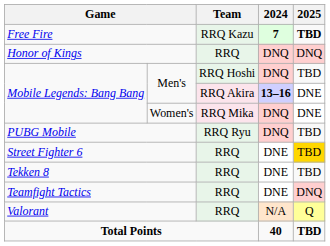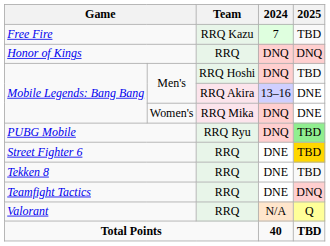 <table class="wikitable sortable" style="text-align:center; font-size:90%; width:auto;">
 <tr>
 <th colspan="2">Game</th>
 <th>Team</th>
 <th>2024</th>
 <th>2025</th>
 </tr>
 <tr>
 <td align="left" colspan="2"><em><a href='#'>Free Fire</a></em></td>
 <td style="background:#e8f5e9">RRQ Kazu</td>
-<td style="background:#DFFFDF"><strong>7</strong></td>
-<td><strong>TBD</strong></td>
+<td style="background:#DFFFDF">7</td>
+<td>TBD</td>
 </tr>
 <tr>
 <td align="left" colspan="2"><em><a href='#'>Honor of Kings</a></em></td>
 <td style="background:#e8f5e9">RRQ</td>
 <td style="background:#FFCFCF">DNQ</td>
 <td style="background:#FFCFCF">DNQ</td>
 </tr>
 <tr>
 <td align="left" rowspan="3"><em><a href='#'>Mobile Legends: Bang Bang</a></em></td>
 <td rowspan="2">Men's</td>
 <td style="background:#e8f5e9">RRQ Hoshi</td>
 <td style="background:#FFCFCF">DNQ</td>
 <td>TBD</td>
 </tr>
 <tr>
 <td style="background:#fce4ec">RRQ Akira</td>
-<td style="background:#CFCFFF"><strong>13–16</strong></td>
+<td style="background:#CFCFFF">13–16</td>
 <td style="background:#FFFFFF">DNE</td>
 </tr>
 <tr>
 <td>Women's</td>
 <td style="background:#fce4ec">RRQ Mika</td>
 <td style="background:#FFCFCF">DNQ</td>
 <td style="background:#FFFFFF">DNE</td>
 </tr>
 <tr>
 <td align="left" colspan="2"><em><a href='#'>PUBG Mobile</a></em></td>
 <td style="background:#e8f5e9">RRQ Ryu</td>
 <td style="background:#FFCFCF">DNQ</td>
-<td>TBD</td>
+<td style="background: lightgreen;">TBD</td>
 </tr>
 <tr>
 <td align="left" colspan="2"><em><a href='#'>Street Fighter 6</a></em></td>
 <td style="background:#e8f5e9">RRQ</td>
 <td style="background:#FFFFFF">DNE</td>
 <td style="background: gold;">TBD</td>
 </tr>
 <tr>
 <td align="left" colspan="2"><em><a href='#'>Tekken 8</a></em></td>
 <td style="background:#e8f5e9">RRQ</td>
 <td style="background:#FFFFFF">DNE</td>
 <td>TBD</td>
 </tr>
 <tr>
 <td align="left" colspan="2"><em><a href='#'>Teamfight Tactics</a></em></td>
 <td style="background:#e8f5e9">RRQ</td>
 <td style="background:#FFFFFF">DNE</td>
 <td style="background:#FFCFCF">DNQ</td>
 </tr>
 <tr>
 <td align="left" colspan="2"><em><a href='#'>Valorant</a></em></td>
 <td style="background:#e8f5e9">RRQ</td>
 <td style="background:#FFE6CC">N/A</td>
 <td style="background:#FFFF99">Q</td>
 </tr>
 <tr>
 <td colspan="3"><strong>Total Points</strong></td>
 <td><strong>40</strong></td>
 <td><strong>TBD</strong></td>
 </tr>
 </table>
